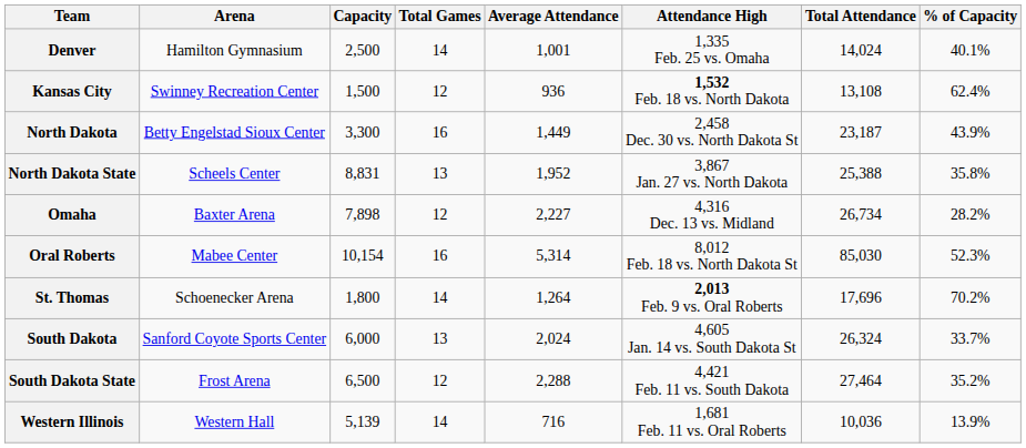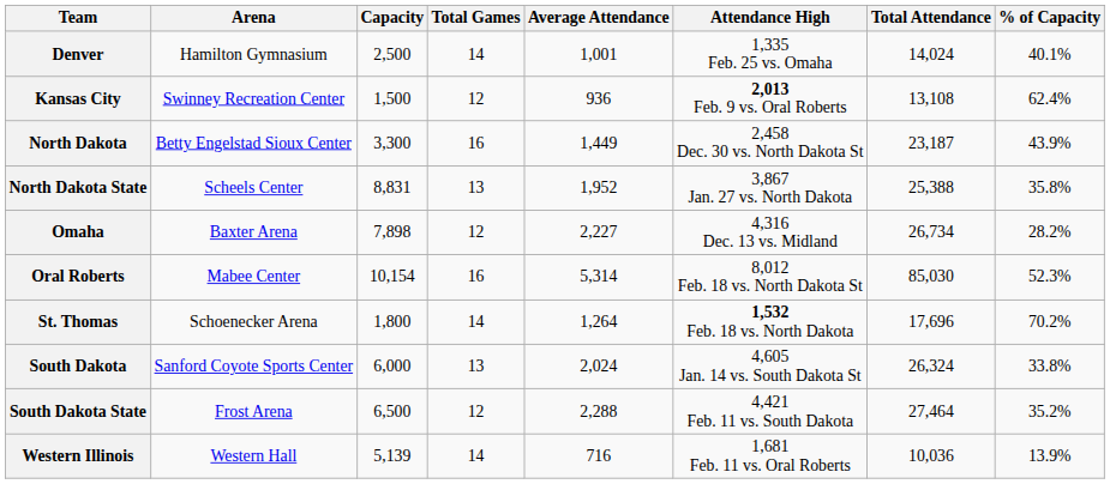 <table class="wikitable sortable" style="text-align:center">
 <tr>
 <th>Team</th>
 <th>Arena</th>
 <th>Capacity</th>
 <th>Total Games</th>
 <th>Average Attendance</th>
 <th>Attendance High</th>
 <th>Total Attendance</th>
 <th>% of Capacity</th>
 </tr>
 <tr>
 <th>Denver</th>
 <td>Hamilton Gymnasium</td>
 <td>2,500</td>
 <td>14</td>
 <td>1,001</td>
 <td>1,335<br>Feb. 25 vs. Omaha</td>
 <td>14,024</td>
 <td>40.1%</td>
 </tr>
 <tr>
 <th>Kansas City</th>
 <td><a href='#'>Swinney Recreation Center</a></td>
 <td>1,500</td>
 <td>12</td>
 <td>936</td>
-<td><strong>1,532</strong><br>Feb. 18 vs. North Dakota</td>
+<td><strong>2,013</strong><br>Feb. 9 vs. Oral Roberts</td>
 <td>13,108</td>
 <td>62.4%</td>
 </tr>
 <tr>
 <th>North Dakota</th>
 <td><a href='#'>Betty Engelstad Sioux Center</a></td>
 <td>3,300</td>
 <td>16</td>
 <td>1,449</td>
 <td>2,458<br>Dec. 30 vs. North Dakota St</td>
 <td>23,187</td>
 <td>43.9%</td>
 </tr>
 <tr>
 <th>North Dakota State</th>
 <td><a href='#'>Scheels Center</a></td>
 <td>8,831</td>
 <td>13</td>
 <td>1,952</td>
 <td>3,867<br>Jan. 27 vs. North Dakota</td>
 <td>25,388</td>
 <td>35.8%</td>
 </tr>
 <tr>
 <th>Omaha</th>
 <td><a href='#'>Baxter Arena</a></td>
 <td>7,898</td>
 <td>12</td>
 <td>2,227</td>
 <td>4,316<br>Dec. 13 vs. Midland</td>
 <td>26,734</td>
 <td>28.2%</td>
 </tr>
 <tr>
 <th>Oral Roberts</th>
 <td><a href='#'>Mabee Center</a></td>
 <td>10,154</td>
 <td>16</td>
 <td>5,314</td>
 <td>8,012<br>Feb. 18 vs. North Dakota St</td>
 <td>85,030</td>
 <td>52.3%</td>
 </tr>
 <tr>
 <th>St. Thomas</th>
 <td>Schoenecker Arena</td>
 <td>1,800</td>
 <td>14</td>
 <td>1,264</td>
-<td><strong>2,013</strong><br>Feb. 9 vs. Oral Roberts</td>
+<td><strong>1,532</strong><br>Feb. 18 vs. North Dakota</td>
 <td>17,696</td>
 <td>70.2%</td>
 </tr>
 <tr>
 <th>South Dakota</th>
 <td><a href='#'>Sanford Coyote Sports Center</a></td>
 <td>6,000</td>
 <td>13</td>
 <td>2,024</td>
 <td>4,605<br>Jan. 14 vs. South Dakota St</td>
 <td>26,324</td>
-<td>33.7%</td>
+<td>33.8%</td>
 </tr>
 <tr>
 <th>South Dakota State</th>
 <td><a href='#'>Frost Arena</a></td>
 <td>6,500</td>
 <td>12</td>
 <td>2,288</td>
 <td>4,421<br>Feb. 11 vs. South Dakota</td>
 <td>27,464</td>
 <td>35.2%</td>
 </tr>
 <tr>
 <th>Western Illinois</th>
 <td><a href='#'>Western Hall</a></td>
 <td>5,139</td>
 <td>14</td>
 <td>716</td>
 <td>1,681<br>Feb. 11 vs. Oral Roberts</td>
 <td>10,036</td>
 <td>13.9%</td>
 </tr>
 </table>
